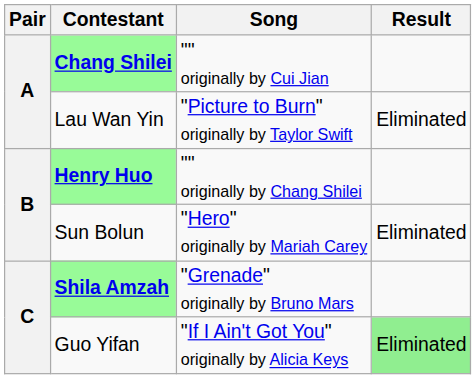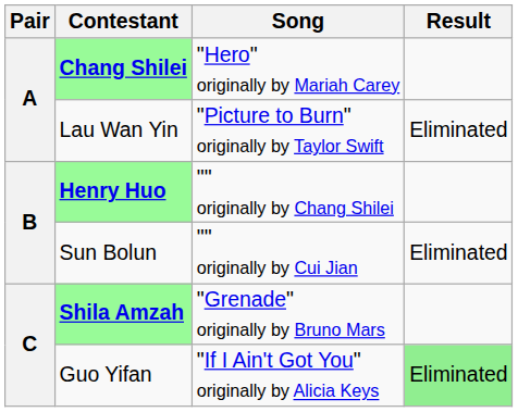 <table class="wikitable">
 <tr>
 <th>Pair</th>
 <th>Contestant</th>
 <th>Song</th>
 <th>Result</th>
 </tr>
 <tr>
 <th rowspan=2>A</th>
 <td style="background:palegreen"> <strong><a href='#'>Chang Shilei</a></strong></td>
-<td>""<br><sub>originally by <a href='#'>Cui Jian</a></sub></td>
+<td>"<a href='#'>Hero</a>"<br><sub>originally by <a href='#'>Mariah Carey</a></sub></td>
 <td></td>
 </tr>
 <tr>
 <td> Lau Wan Yin</td>
 <td>"<a href='#'>Picture to Burn</a>"<br><sub>originally by <a href='#'>Taylor Swift</a></sub></td>
 <td>Eliminated</td>
 </tr>
 <tr>
 <th rowspan=2>B</th>
 <td style="background:palegreen"> <strong><a href='#'>Henry Huo</a></strong></td>
 <td>""<br><sub>originally by <a href='#'>Chang Shilei</a></sub></td>
 <td></td>
 </tr>
 <tr>
 <td> Sun Bolun</td>
-<td>"<a href='#'>Hero</a>"<br><sub>originally by <a href='#'>Mariah Carey</a></sub></td>
+<td>""<br><sub>originally by <a href='#'>Cui Jian</a></sub></td>
 <td>Eliminated</td>
 </tr>
 <tr>
 <th rowspan=2>C</th>
 <td style="background:palegreen"> <strong><a href='#'>Shila Amzah</a></strong></td>
 <td>"<a href='#'>Grenade</a>"<br><sub>originally by <a href='#'>Bruno Mars</a></sub></td>
 <td></td>
 </tr>
 <tr>
 <td> Guo Yifan</td>
 <td>"<a href='#'>If I Ain't Got You</a>"<br><sub>originally by <a href='#'>Alicia Keys</a></sub></td>
 <td style="background: lightgreen;">Eliminated</td>
 </tr>
 </table>
